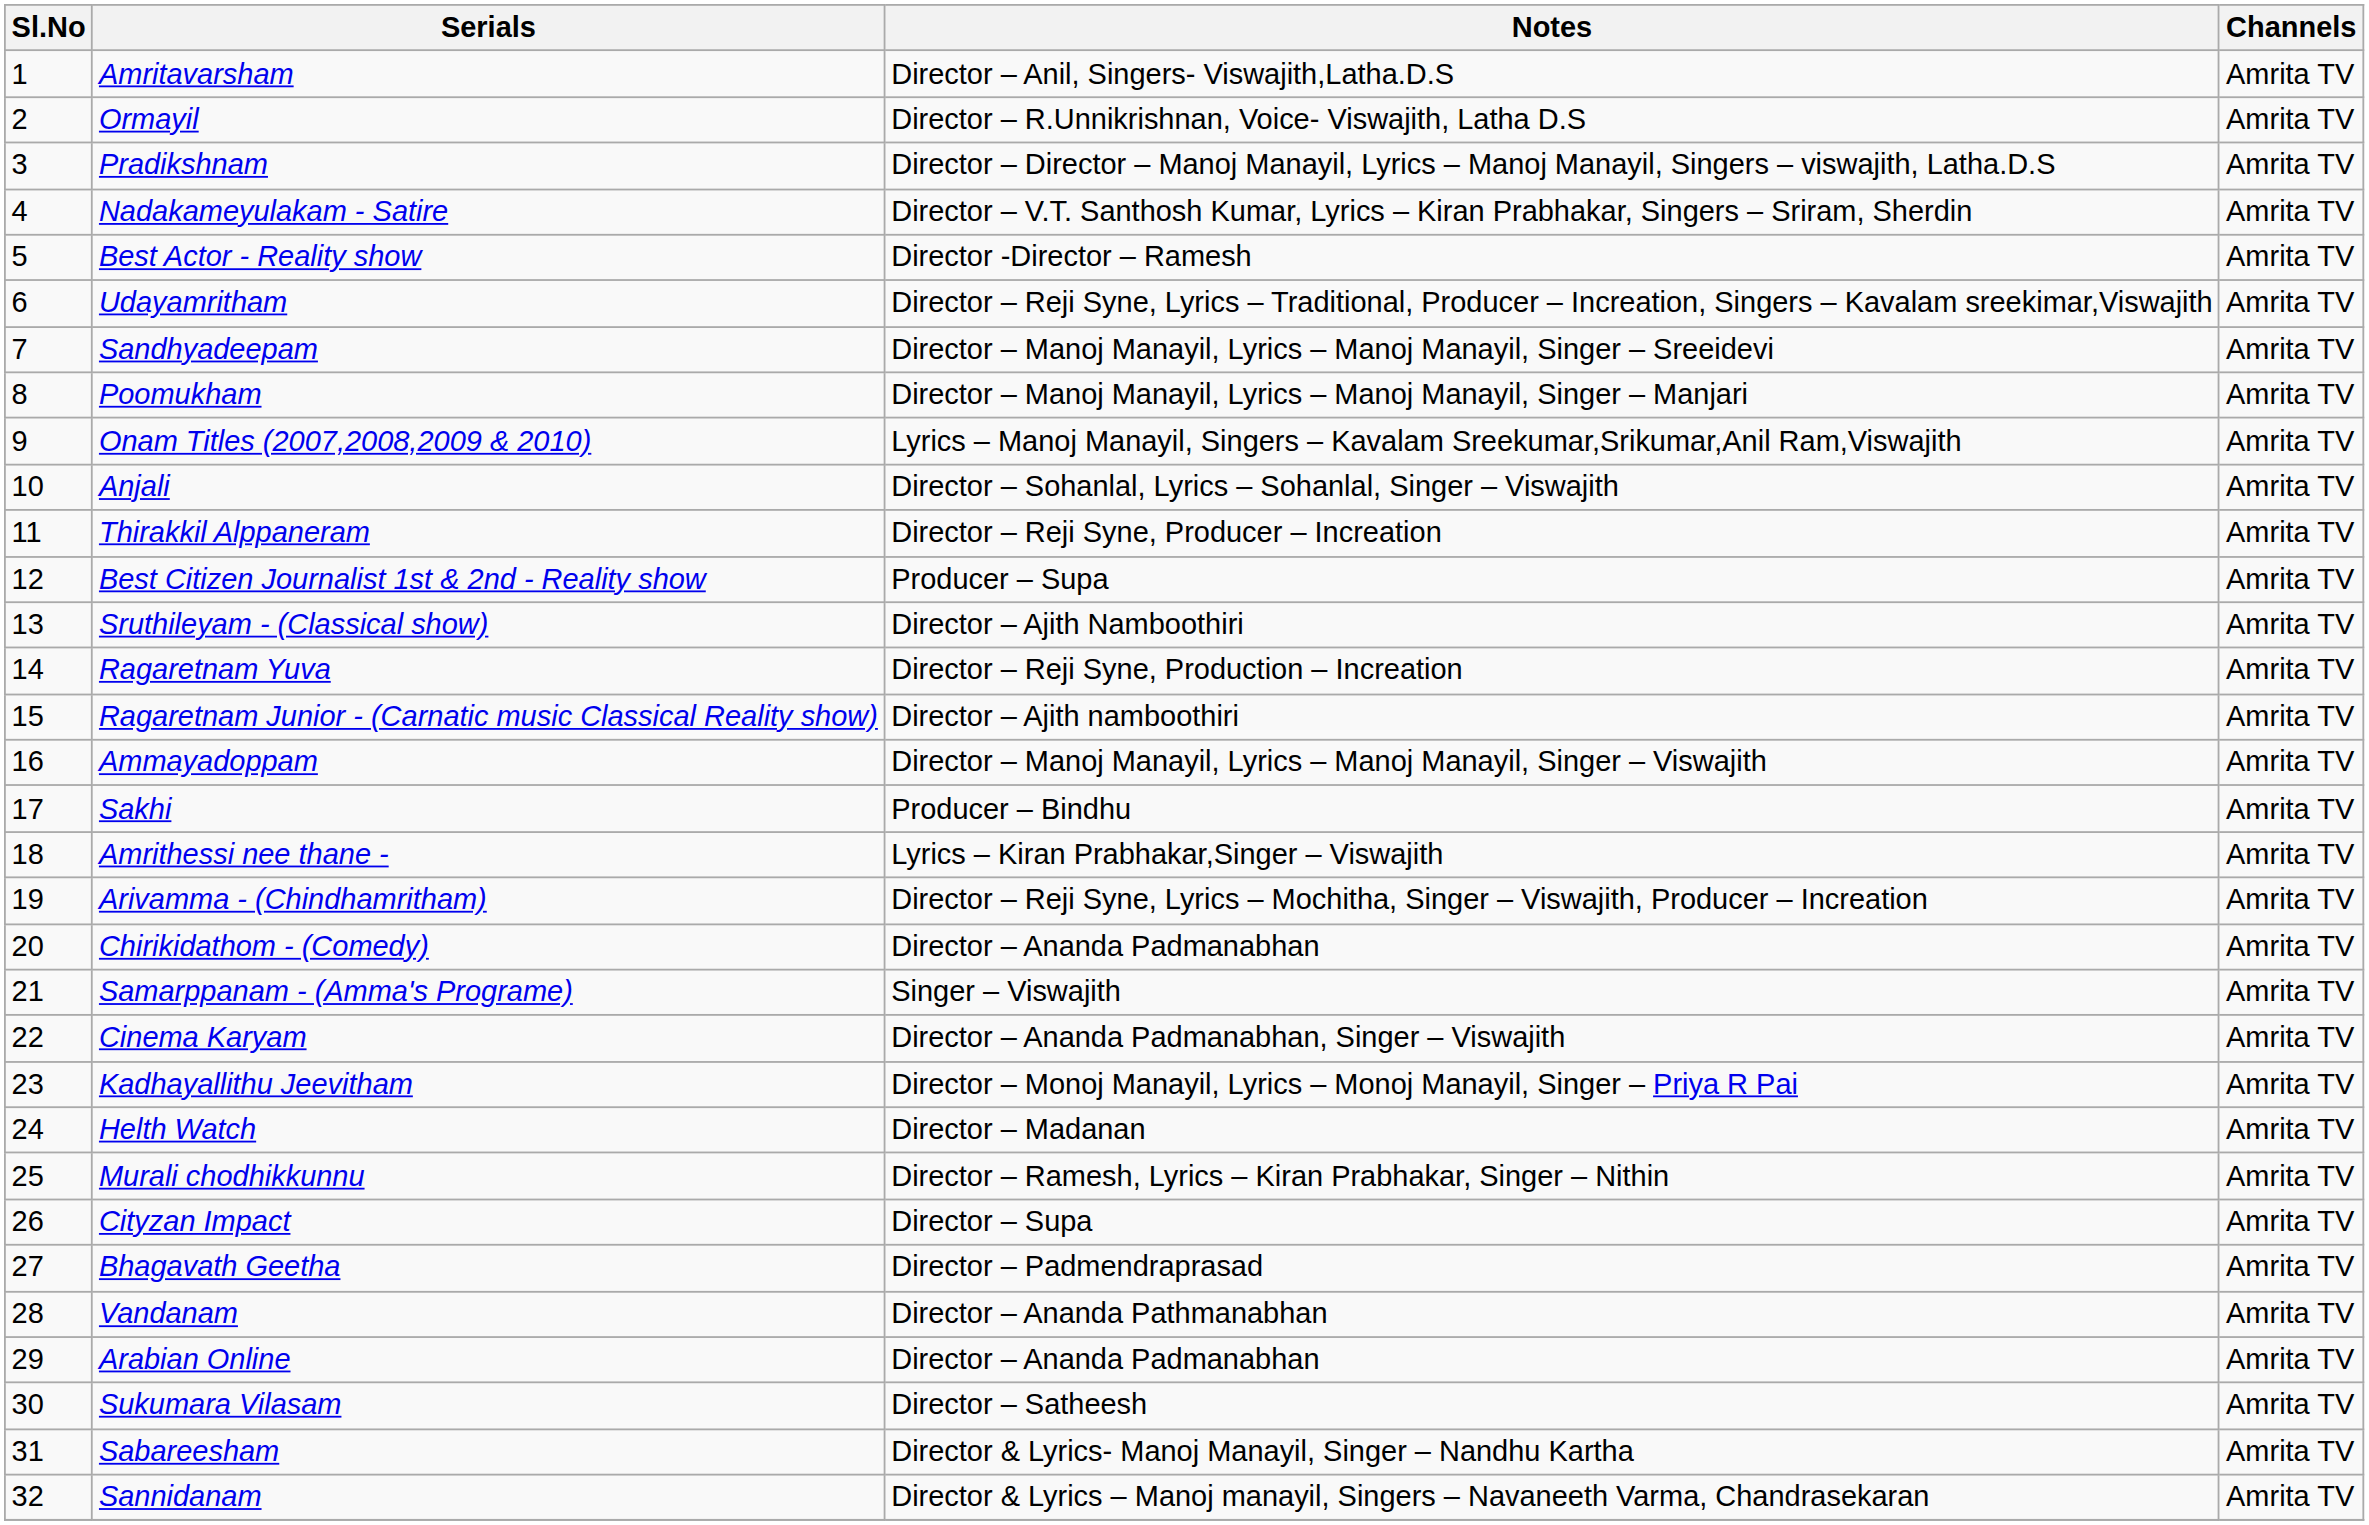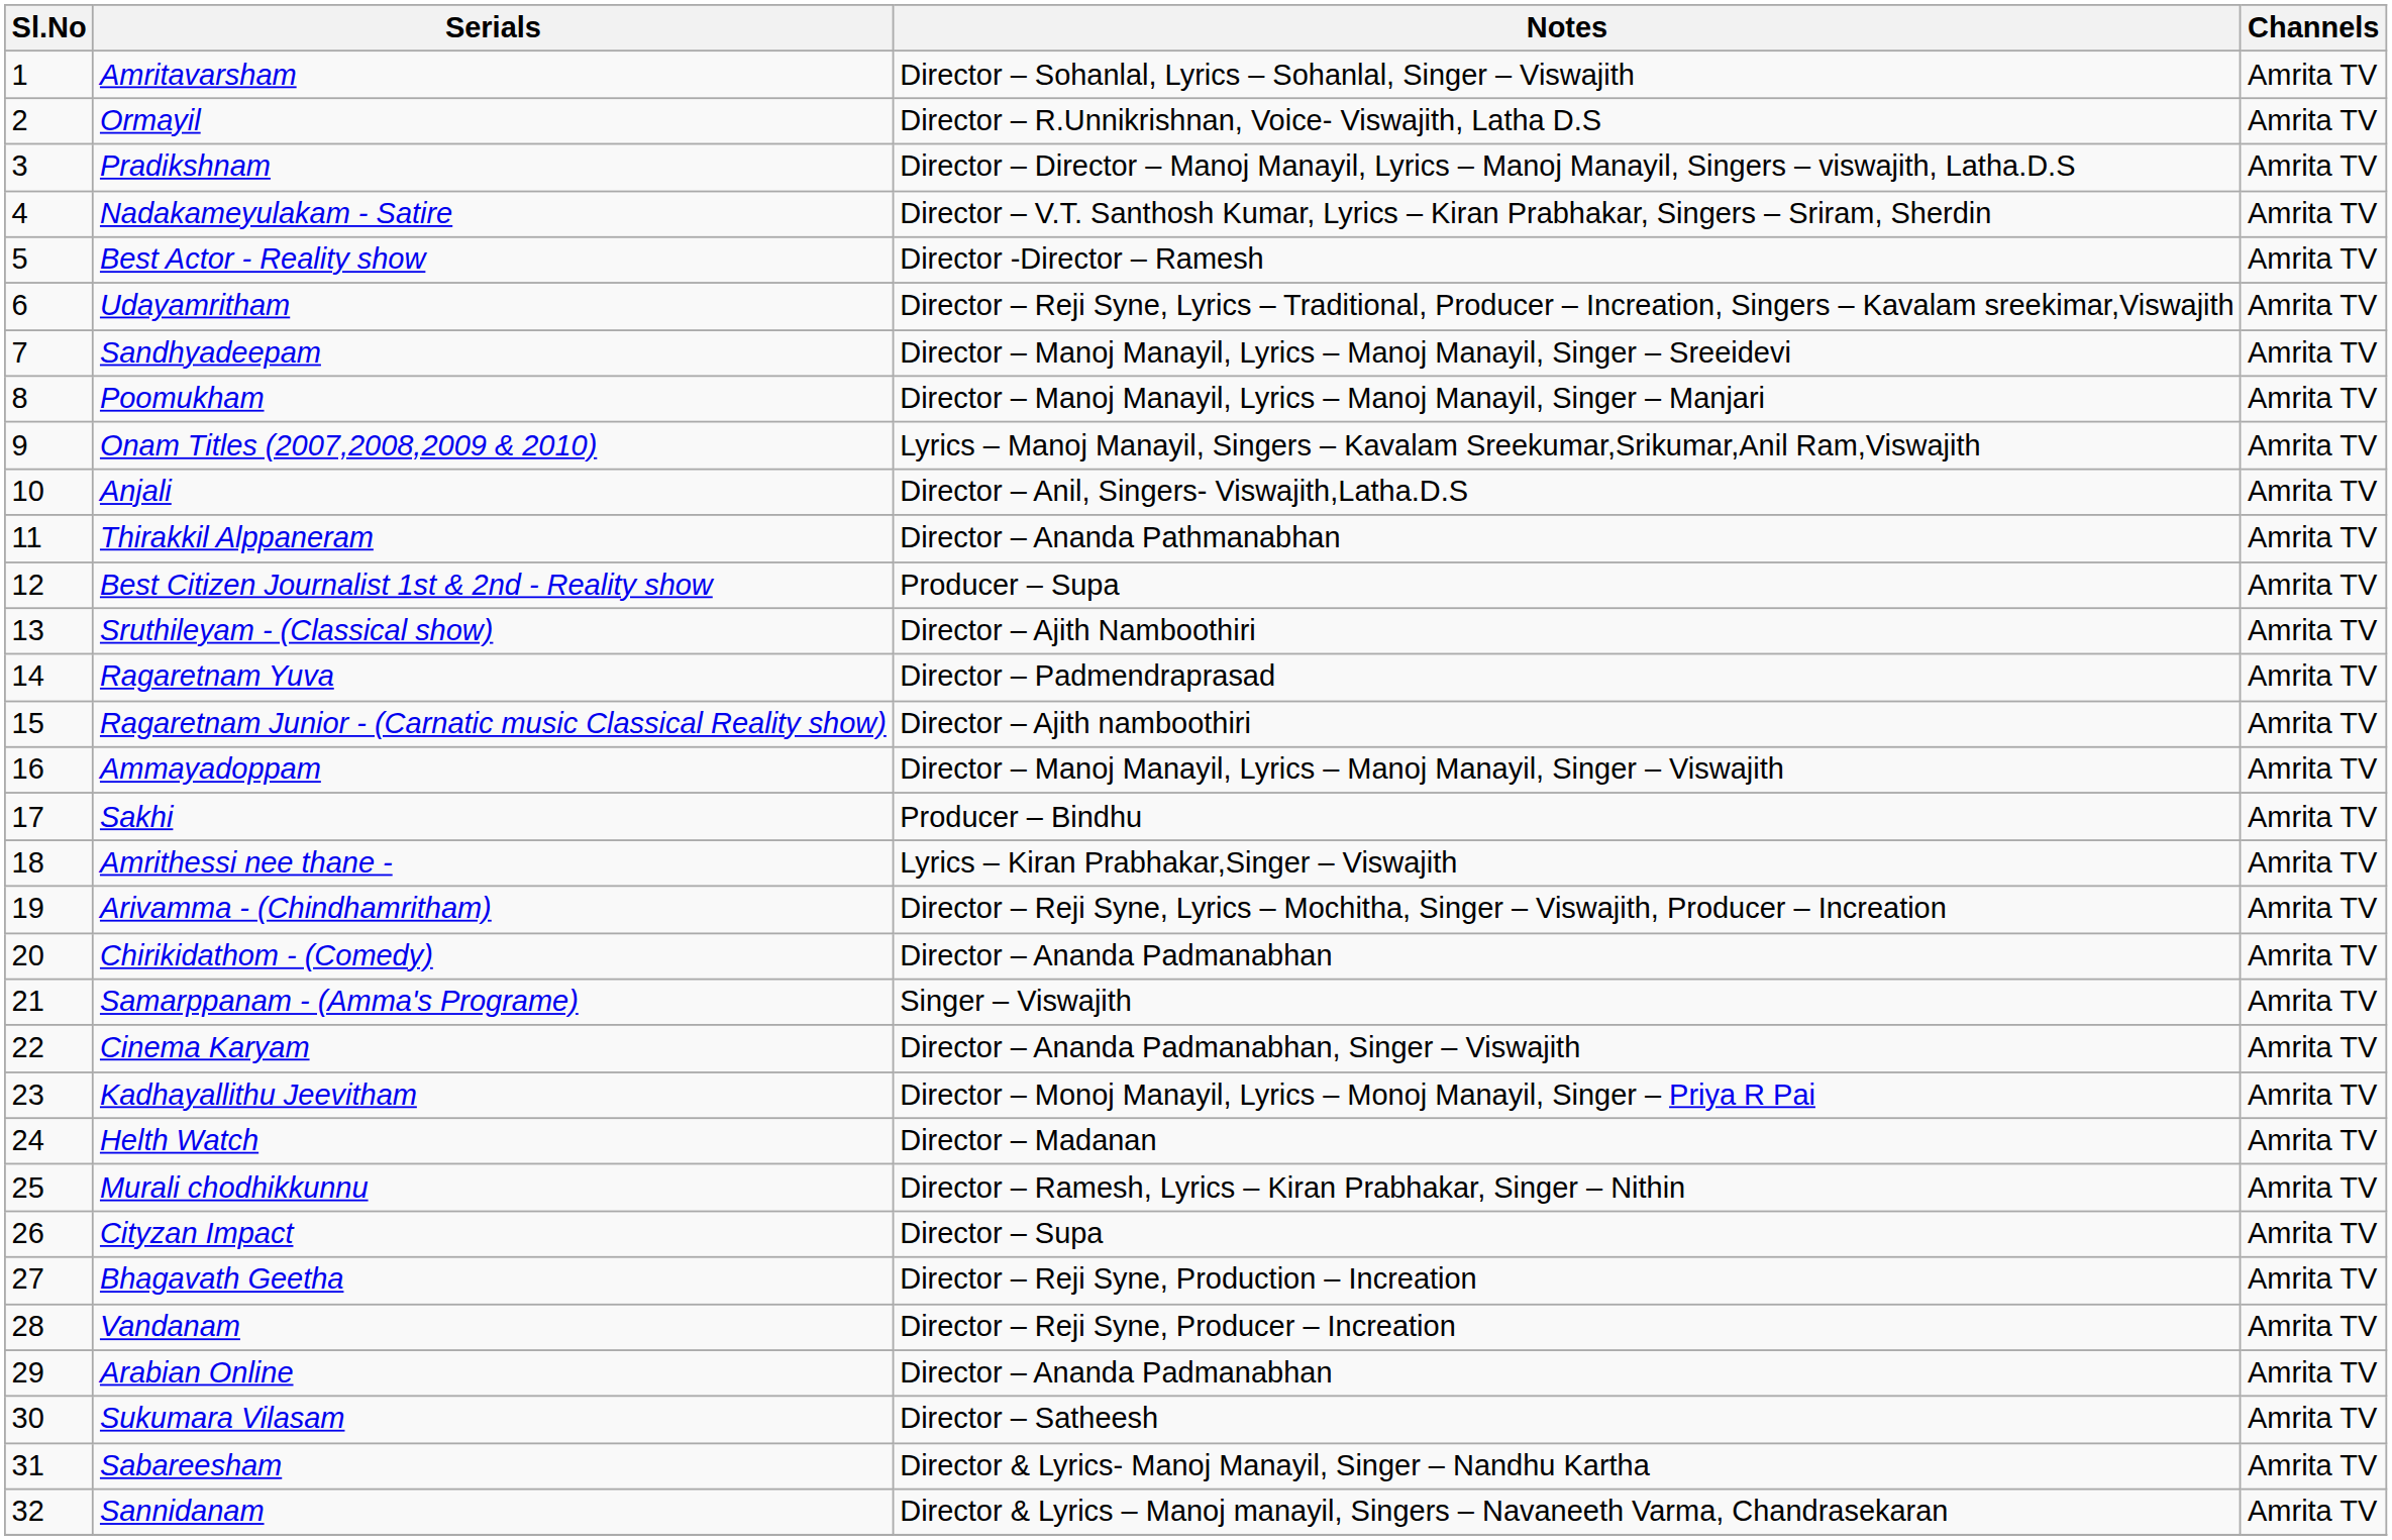 <table class="wikitable sortable">
 <tr>
 <th>Sl.No</th>
 <th>Serials</th>
 <th>Notes</th>
 <th>Channels</th>
 </tr>
 <tr>
 <td>1</td>
 <td><em> <a href='#'>Amritavarsham</a></em></td>
-<td>Director – Anil, Singers- Viswajith,Latha.D.S</td>
+<td>Director	– Sohanlal, Lyrics – Sohanlal, Singer – Viswajith</td>
 <td>Amrita TV</td>
 </tr>
 <tr>
 <td>2</td>
 <td><em><a href='#'>Ormayil</a></em></td>
 <td>Director – R.Unnikrishnan, Voice- Viswajith, Latha D.S</td>
 <td>Amrita TV</td>
 </tr>
 <tr>
 <td>3</td>
 <td><em><a href='#'>Pradikshnam</a></em></td>
 <td>Director – Director	– Manoj Manayil, Lyrics	– Manoj Manayil, Singers – viswajith, Latha.D.S</td>
 <td>Amrita TV</td>
 </tr>
 <tr>
 <td>4</td>
 <td><em><a href='#'>Nadakameyulakam - Satire</a></em></td>
 <td>Director	– V.T. Santhosh Kumar, Lyrics – Kiran Prabhakar, Singers – Sriram, Sherdin</td>
 <td>Amrita TV</td>
 </tr>
 <tr>
 <td>5</td>
 <td><em><a href='#'>Best Actor - Reality show</a></em></td>
 <td>Director -Director – Ramesh</td>
 <td>Amrita TV</td>
 </tr>
 <tr>
 <td>6</td>
 <td><em><a href='#'>Udayamritham</a></em></td>
 <td>Director – Reji Syne, Lyrics – Traditional, Producer – Increation, Singers – Kavalam sreekimar,Viswajith</td>
 <td>Amrita TV</td>
 </tr>
 <tr>
 <td>7</td>
 <td><em><a href='#'>Sandhyadeepam</a></em></td>
 <td>Director – Manoj Manayil, Lyrics – Manoj Manayil, Singer – Sreeidevi</td>
 <td>Amrita TV</td>
 </tr>
 <tr>
 <td>8</td>
 <td><em><a href='#'>Poomukham</a></em></td>
 <td>Director	– Manoj Manayil, Lyrics	– Manoj Manayil, Singer	– Manjari</td>
 <td>Amrita TV</td>
 </tr>
 <tr>
 <td>9</td>
 <td><em><a href='#'>Onam Titles (2007,2008,2009 & 2010)</a></em></td>
 <td>Lyrics – Manoj Manayil, Singers – Kavalam Sreekumar,Srikumar,Anil Ram,Viswajith</td>
 <td>Amrita TV</td>
 </tr>
 <tr>
 <td>10</td>
 <td><em><a href='#'>Anjali</a></em></td>
-<td>Director	– Sohanlal, Lyrics – Sohanlal, Singer – Viswajith</td>
+<td>Director – Anil, Singers- Viswajith,Latha.D.S</td>
 <td>Amrita TV</td>
 </tr>
 <tr>
 <td>11</td>
 <td><em><a href='#'>Thirakkil Alppaneram</a></em></td>
-<td>Director – Reji Syne, Producer – Increation</td>
+<td>Director	– Ananda Pathmanabhan</td>
 <td>Amrita TV</td>
 </tr>
 <tr>
 <td>12</td>
 <td><em><a href='#'>Best Citizen Journalist 1st & 2nd - Reality show</a></em></td>
 <td>Producer – Supa</td>
 <td>Amrita TV</td>
 </tr>
 <tr>
 <td>13</td>
 <td><em><a href='#'>Sruthileyam - (Classical show)</a></em></td>
 <td>Director – Ajith Namboothiri</td>
 <td>Amrita TV</td>
 </tr>
 <tr>
 <td>14</td>
 <td><em><a href='#'>Ragaretnam Yuva</a></em></td>
-<td>Director – Reji Syne, Production – Increation</td>
+<td>Director – Padmendraprasad</td>
 <td>Amrita TV</td>
 </tr>
 <tr>
 <td>15</td>
 <td><em><a href='#'>Ragaretnam Junior - (Carnatic music Classical Reality show)</a></em></td>
 <td>Director – Ajith namboothiri</td>
 <td>Amrita TV</td>
 </tr>
 <tr>
 <td>16</td>
 <td><em><a href='#'>Ammayadoppam</a></em></td>
 <td>Director – Manoj Manayil, Lyrics – Manoj Manayil, Singer – Viswajith</td>
 <td>Amrita TV</td>
 </tr>
 <tr>
 <td>17</td>
 <td><em><a href='#'>Sakhi</a></em></td>
 <td>Producer – Bindhu</td>
 <td>Amrita TV</td>
 </tr>
 <tr>
 <td>18</td>
 <td><em><a href='#'>Amrithessi nee thane -</a></em></td>
 <td>Lyrics – Kiran Prabhakar,Singer – Viswajith</td>
 <td>Amrita TV</td>
 </tr>
 <tr>
 <td>19</td>
 <td><em><a href='#'>Arivamma - (Chindhamritham)</a></em></td>
 <td>Director – Reji Syne, Lyrics – Mochitha, Singer – Viswajith, Producer – Increation</td>
 <td>Amrita TV</td>
 </tr>
 <tr>
 <td>20</td>
 <td><em><a href='#'>Chirikidathom	- (Comedy)</a></em></td>
 <td>Director – Ananda Padmanabhan</td>
 <td>Amrita TV</td>
 </tr>
 <tr>
 <td>21</td>
 <td><em><a href='#'>Samarppanam - (Amma's Programe)</a></em></td>
 <td>Singer – Viswajith</td>
 <td>Amrita TV</td>
 </tr>
 <tr>
 <td>22</td>
 <td><em><a href='#'>Cinema Karyam</a></em></td>
 <td>Director – Ananda Padmanabhan, Singer – Viswajith</td>
 <td>Amrita TV</td>
 </tr>
 <tr>
 <td>23</td>
 <td><em><a href='#'>Kadhayallithu Jeevitham</a></em></td>
 <td>Director – Monoj Manayil, Lyrics – Monoj Manayil, Singer – <a href='#'>Priya R Pai</a></td>
 <td>Amrita TV</td>
 </tr>
 <tr>
 <td>24</td>
 <td><em><a href='#'>Helth Watch</a></em></td>
 <td>Director – Madanan</td>
 <td>Amrita TV</td>
 </tr>
 <tr>
 <td>25</td>
 <td><em><a href='#'>Murali chodhikkunnu</a></em></td>
 <td>Director – Ramesh, Lyrics – Kiran Prabhakar, Singer – Nithin</td>
 <td>Amrita TV</td>
 </tr>
 <tr>
 <td>26</td>
 <td><em><a href='#'>Cityzan Impact</a></em></td>
 <td>Director – Supa</td>
 <td>Amrita TV</td>
 </tr>
 <tr>
 <td>27</td>
 <td><em><a href='#'>Bhagavath Geetha</a></em></td>
-<td>Director – Padmendraprasad</td>
+<td>Director – Reji Syne, Production – Increation</td>
 <td>Amrita TV</td>
 </tr>
 <tr>
 <td>28</td>
 <td><em><a href='#'>Vandanam</a></em></td>
-<td>Director	– Ananda Pathmanabhan</td>
+<td>Director – Reji Syne, Producer – Increation</td>
 <td>Amrita TV</td>
 </tr>
 <tr>
 <td>29</td>
 <td><em><a href='#'>Arabian Online</a></em></td>
 <td>Director	– Ananda Padmanabhan</td>
 <td>Amrita TV</td>
 </tr>
 <tr>
 <td>30</td>
 <td><em><a href='#'>Sukumara Vilasam</a></em></td>
 <td>Director – Satheesh</td>
 <td>Amrita TV</td>
 </tr>
 <tr>
 <td>31</td>
 <td><em><a href='#'>Sabareesham</a></em></td>
 <td>Director & Lyrics- Manoj Manayil, Singer – Nandhu Kartha</td>
 <td>Amrita TV</td>
 </tr>
 <tr>
 <td>32</td>
 <td><em><a href='#'>Sannidanam</a></em></td>
 <td>Director & Lyrics – Manoj manayil, Singers – Navaneeth Varma, Chandrasekaran</td>
 <td>Amrita TV</td>
 </tr>
 <tr>
 </tr>
 </table>
